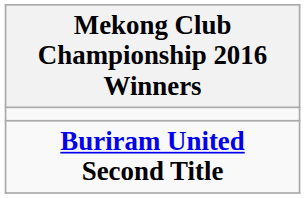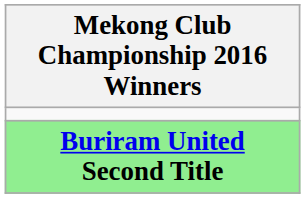 <table class="wikitable" style="text-align: center; margin: 0 auto; width: 20%">
 <tr>
 <th>Mekong Club Championship 2016<br>Winners</th>
 </tr>
 <tr>
 <td></td>
 </tr>
 <tr>
-<td><strong><a href='#'>Buriram United</a></strong><br><strong>Second Title</strong></td>
+<td style="background: lightgreen;"><strong><a href='#'>Buriram United</a></strong><br><strong>Second Title</strong></td>
 </tr>
 </table>
